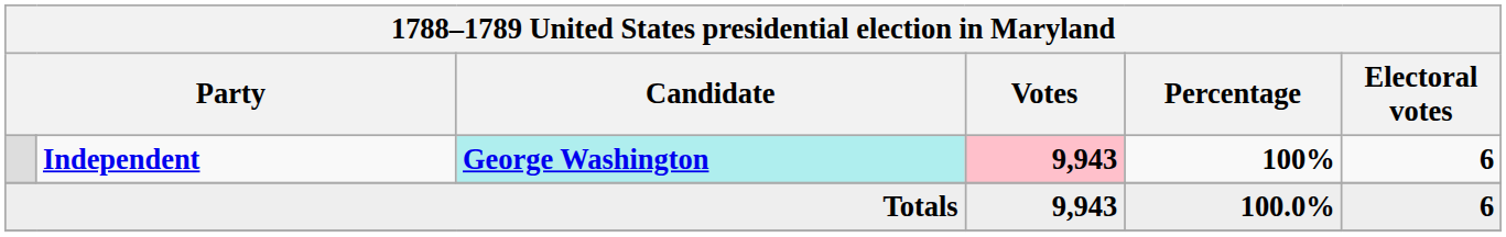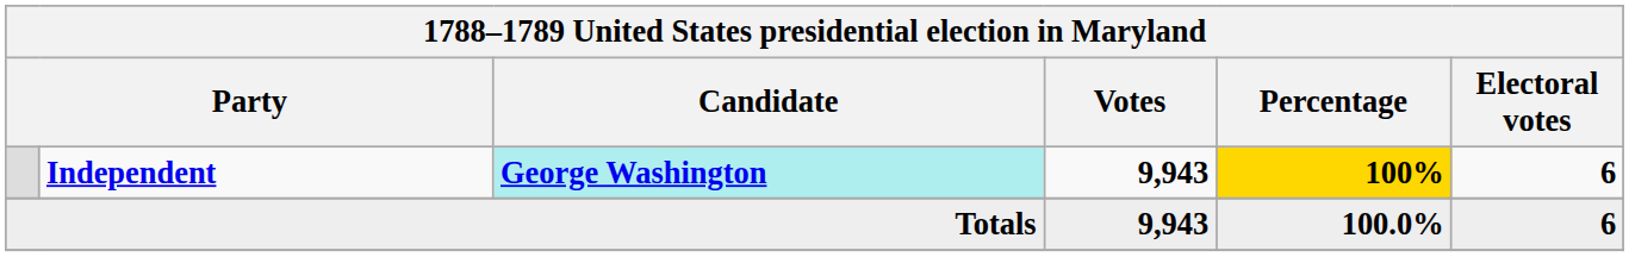 <table class="wikitable" style="font-size: 95%;">
 <tr>
 <th colspan="6">1788–1789 United States presidential election in Maryland</th>
 </tr>
 <tr>
 <th colspan="2" style="width: 15em">Party</th>
 <th style="width: 17em">Candidate</th>
 <th style="width: 5em">Votes</th>
 <th style="width: 7em">Percentage</th>
 <th style="width: 5em">Electoral votes</th>
 </tr>
 <tr>
 <th style="background-color:#DDDDDD; width: 3px"></th>
 <td style="width: 130px"><strong><a href='#'>Independent</a></strong></td>
 <td style="background: paleturquoise;"><strong><a href='#'>George Washington</a></strong></td>
-<td align="right" style="background: pink;"><strong>9,943</strong></td>
-<td align="right"><strong>100%</strong></td>
+<td align="right"><strong>9,943</strong></td>
+<td align="right" style="background: gold;"><strong>100%</strong></td>
 <td align="right"><strong>6</strong></td>
 </tr>
 <tr>
 </tr>
 <tr bgcolor="#EEEEEE">
 <td colspan="3" align="right"><strong>Totals</strong></td>
 <td align="right"><strong>9,943</strong></td>
 <td align="right"><strong>100.0%</strong></td>
 <td align="right"><strong>6</strong></td>
 </tr>
 <tr>
 </tr>
 </table>
